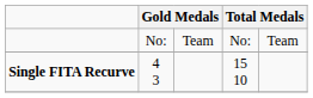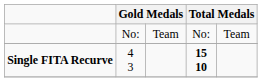 <table class="wikitable" style="text-align: center; font-size:95%;">
 <tr>
 <td></td>
 <th colspan=2>Gold Medals</th>
 <th colspan=2>Total Medals</th>
 </tr>
 <tr>
 <td></td>
 <td>No:</td>
 <td>Team</td>
 <td>No:</td>
 <td>Team</td>
 </tr>
 <tr>
 </tr>
 <tr>
 <td><strong>Single FITA Recurve</strong></td>
 <td>4 <br> 3</td>
 <td align="left"> <br> </td>
-<td>15 <br> 10</td>
+<td><strong>15 <br> 10</strong></td>
 <td align="left"> <br> </td>
 </tr>
 <tr>
 </tr>
 </table>
